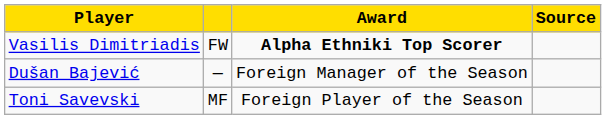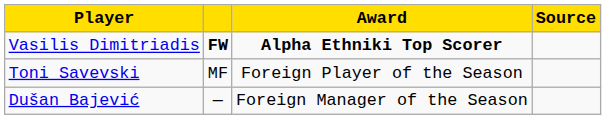 <table class="wikitable">
 <tr>
 <th style="background:#FFDE00">Player</th>
 <th style="background:#FFDE00"></th>
 <th style="background:#FFDE00">Award</th>
 <th style="background:#FFDE00">Source</th>
 </tr>
 <tr>
 <td> <a href='#'>Vasilis Dimitriadis</a></td>
-<td align="center">FW</td>
+<td align="center"><strong>FW</strong></td>
 <td align="center"><strong>Alpha Ethniki Top Scorer</strong></td>
+<td align="center"></td>
+</tr>
+<tr>
+<td> <a href='#'>Toni Savevski</a></td>
+<td align="center">MF</td>
+<td align="center">Foreign Player of the Season</td>
 <td align="center"></td>
 </tr>
 <tr>
 <td> <a href='#'>Dušan Bajević</a></td>
 <td align="center">—</td>
 <td align="center">Foreign Manager of the Season</td>
 <td align="center"></td>
 </tr>
-<tr>
-<td> <a href='#'>Toni Savevski</a></td>
-<td align="center">MF</td>
-<td align="center">Foreign Player of the Season</td>
-<td align="center"></td>
-</tr>
 </table>
